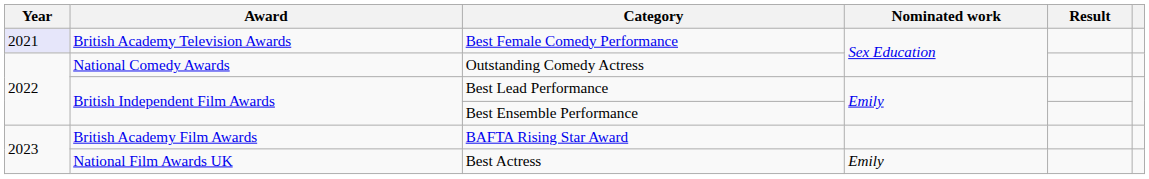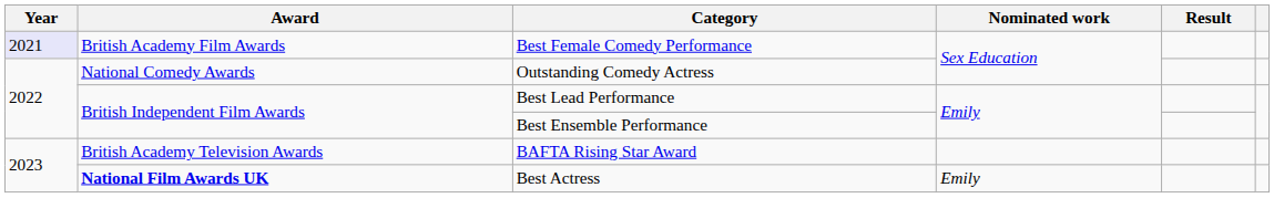 <table class="wikitable sortable plainrowheaders" style="width: 95%;">
 <tr>
 <th scope="col">Year</th>
 <th scope="col">Award</th>
 <th scope="col">Category</th>
 <th scope="col">Nominated work</th>
 <th scope="col">Result</th>
 <th scope="col" class="unsortable"></th>
 </tr>
 <tr>
 <td style="background: lavender;">2021</td>
-<td><a href='#'>British Academy Television Awards</a></td>
+<td><a href='#'>British Academy Film Awards</a></td>
 <td><a href='#'>Best Female Comedy Performance</a></td>
 <td rowspan="2"><em><a href='#'>Sex Education</a></em></td>
 <td></td>
 <td></td>
 </tr>
 <tr>
 <td rowspan="3">2022</td>
 <td><a href='#'>National Comedy Awards</a></td>
 <td>Outstanding Comedy Actress</td>
 <td></td>
 <td></td>
 </tr>
 <tr>
 <td rowspan="2"><a href='#'>British Independent Film Awards</a></td>
 <td>Best Lead Performance</td>
 <td rowspan="2"><em><a href='#'>Emily</a></em></td>
 <td></td>
 <td rowspan="2"></td>
 </tr>
 <tr>
 <td>Best Ensemble Performance</td>
 <td></td>
 </tr>
 <tr>
 <td rowspan="2">2023</td>
-<td><a href='#'>British Academy Film Awards</a></td>
+<td><a href='#'>British Academy Television Awards</a></td>
 <td><a href='#'>BAFTA Rising Star Award</a></td>
 <td></td>
 <td></td>
 <td></td>
 </tr>
 <tr>
-<td><a href='#'>National Film Awards UK</a></td>
+<td><strong><a href='#'>National Film Awards UK</a></strong></td>
 <td>Best Actress</td>
 <td><em>Emily</em></td>
 <td></td>
 <td></td>
 </tr>
 </table>
